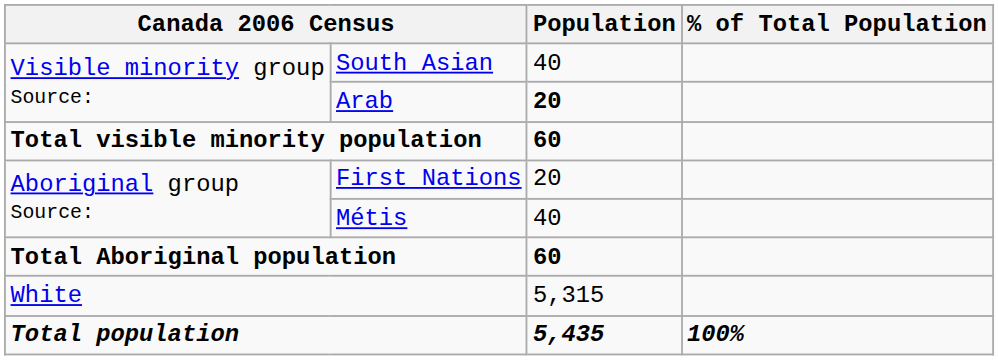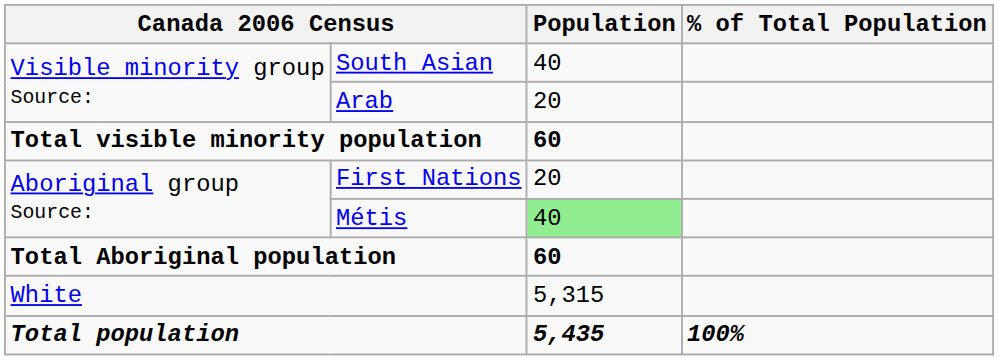 <table class="wikitable">
 <tr>
 <th colspan="2">Canada 2006 Census</th>
 <th>Population</th>
 <th>% of Total Population</th>
 </tr>
 <tr>
 <td rowspan="2"><a href='#'>Visible minority</a> group<br><small>Source:</small></td>
 <td><a href='#'>South Asian</a></td>
 <td>40</td>
 <td></td>
 </tr>
 <tr>
 <td><a href='#'>Arab</a></td>
-<td><strong>20</strong></td>
+<td>20</td>
 <td></td>
 </tr>
 <tr>
 <td colspan="2"><strong>Total visible minority population</strong></td>
 <td><strong>60</strong></td>
 <td><strong></strong></td>
 </tr>
 <tr>
 <td rowspan="2"><a href='#'>Aboriginal</a> group<br><small>Source:</small></td>
 <td><a href='#'>First Nations</a></td>
 <td>20</td>
 <td></td>
 </tr>
 <tr>
 <td><a href='#'>Métis</a></td>
-<td>40</td>
+<td style="background: lightgreen;">40</td>
 <td></td>
 </tr>
 <tr>
 <td colspan="2"><strong>Total Aboriginal population</strong></td>
 <td><strong>60</strong></td>
 <td><strong></strong></td>
 </tr>
 <tr>
 <td colspan="2"><a href='#'>White</a></td>
 <td>5,315</td>
 <td></td>
 </tr>
 <tr>
 <td colspan="2"><strong><em>Total population</em></strong></td>
 <td><strong><em>5,435</em></strong></td>
 <td><strong><em>100%</em></strong></td>
 </tr>
 </table>
